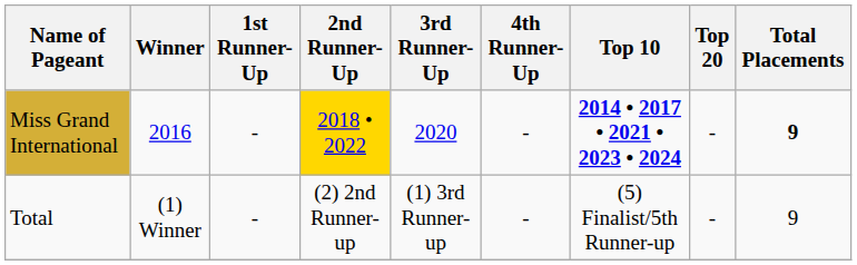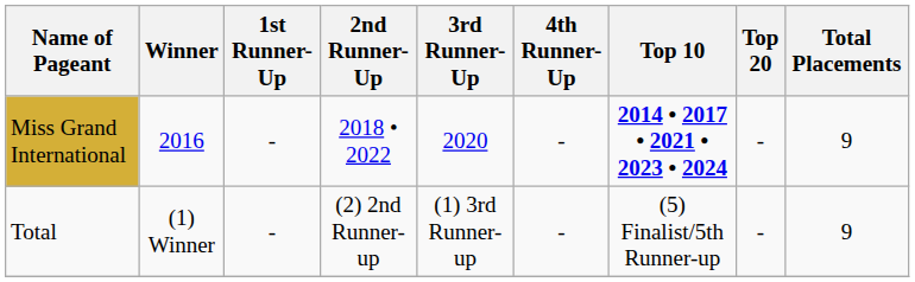 <table class="wikitable sortable" style="font-size: 95%;">
 <tr>
 <th>Name of Pageant</th>
 <th>Winner</th>
 <th>1st Runner-Up</th>
 <th>2nd Runner-Up</th>
 <th>3rd Runner-Up</th>
 <th>4th Runner-Up</th>
 <th>Top 10</th>
 <th>Top 20</th>
 <th>Total Placements</th>
 </tr>
 <tr>
 <td bgcolor="#D4AF37">Miss Grand International</td>
 <td align="center"><a href='#'>2016</a></td>
 <td align="center">-</td>
-<td align="center" style="background: gold;"><a href='#'>2018</a> • <a href='#'>2022</a></td>
+<td align="center"><a href='#'>2018</a> • <a href='#'>2022</a></td>
 <td align="center"><a href='#'>2020</a></td>
 <td align="center">-</td>
 <td align="center"><strong><a href='#'>2014</a> • <a href='#'>2017</a> • <a href='#'>2021</a> • <a href='#'>2023</a> • <a href='#'>2024</a></strong></td>
 <td align="center">-</td>
-<td align="center"><strong>9</strong></td>
+<td align="center">9</td>
 </tr>
 <tr>
 <td>Total</td>
 <td align="center">(1) Winner</td>
 <td align="center">-</td>
 <td align="center">(2) 2nd Runner-up</td>
 <td align="center">(1) 3rd Runner-up</td>
 <td align="center">-</td>
 <td align="center">(5) Finalist/5th Runner-up</td>
 <td align="center">-</td>
 <td align="center">9</td>
 </tr>
 <tr>
 </tr>
 </table>
